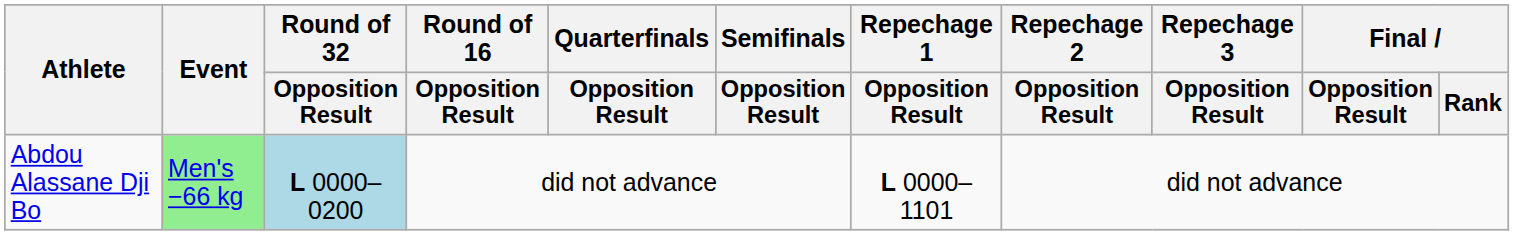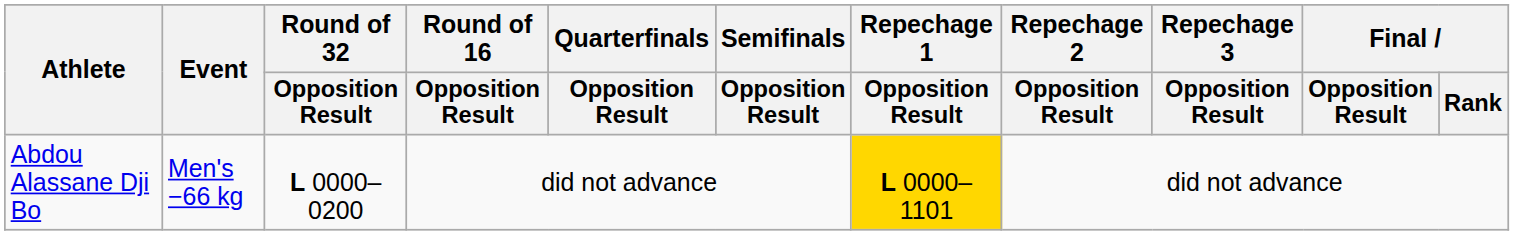 <table class="wikitable" style="font-size:90%">
 <tr>
 <th rowspan="2">Athlete</th>
 <th rowspan="2">Event</th>
 <th>Round of 32</th>
 <th>Round of 16</th>
 <th>Quarterfinals</th>
 <th>Semifinals</th>
 <th>Repechage 1</th>
 <th>Repechage 2</th>
 <th>Repechage 3</th>
 <th colspan=2>Final / </th>
 </tr>
 <tr style="font-size:95%">
 <th>Opposition<br>Result</th>
 <th>Opposition<br>Result</th>
 <th>Opposition<br>Result</th>
 <th>Opposition<br>Result</th>
 <th>Opposition<br>Result</th>
 <th>Opposition<br>Result</th>
 <th>Opposition<br>Result</th>
 <th>Opposition<br>Result</th>
 <th>Rank</th>
 </tr>
 <tr align=center>
 <td align=left><a href='#'>Abdou Alassane Dji Bo</a></td>
-<td align=left style="background: lightgreen;"><a href='#'>Men's −66 kg</a></td>
-<td style="background: lightblue;"><br><strong>L</strong> 0000–0200</td>
+<td align=left><a href='#'>Men's −66 kg</a></td>
+<td><br><strong>L</strong> 0000–0200</td>
 <td colspan=3>did not advance</td>
-<td><br><strong>L</strong> 0000–1101</td>
+<td style="background: gold;"><br><strong>L</strong> 0000–1101</td>
 <td colspan=4>did not advance</td>
 </tr>
 </table>
